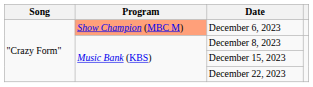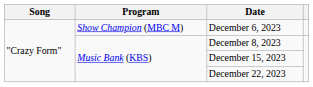 <table class="wikitable" width="500">
 <tr>
 <th>Song</th>
 <th>Program</th>
 <th>Date</th>
 <th></th>
 </tr>
 <tr>
 <td rowspan="4">"Crazy Form"</td>
-<td style="background: lightsalmon;"><em><a href='#'>Show Champion</a></em> (<a href='#'>MBC M</a>)</td>
+<td><em><a href='#'>Show Champion</a></em> (<a href='#'>MBC M</a>)</td>
 <td>December 6, 2023</td>
 <td></td>
 </tr>
 <tr>
 <td rowspan="3"><em><a href='#'>Music Bank</a></em> (<a href='#'>KBS</a>)</td>
 <td>December 8, 2023</td>
 <td rowspan="3"></td>
 </tr>
 <tr>
 <td>December 15, 2023</td>
 </tr>
 <tr>
 <td>December 22, 2023</td>
 </tr>
 </table>
